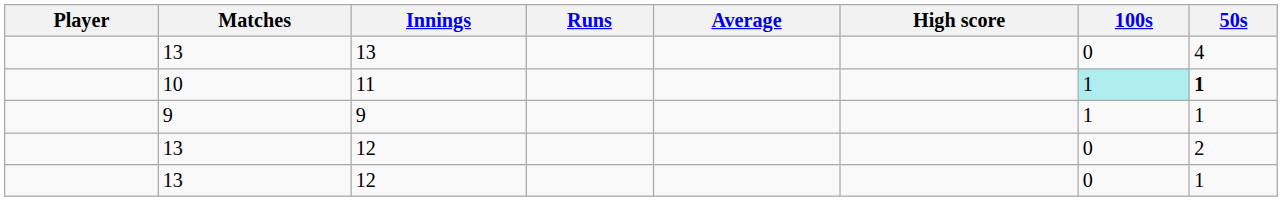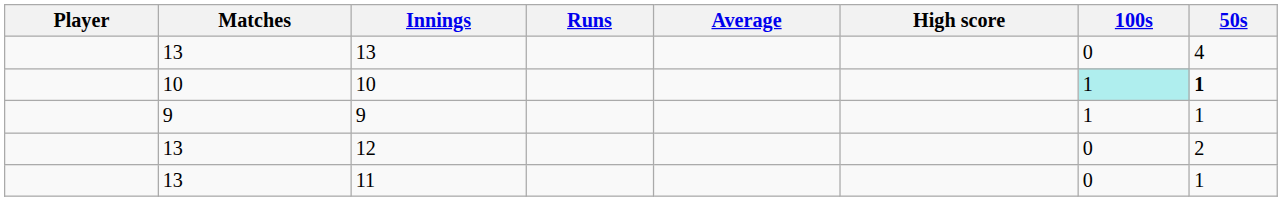 <table class="wikitable sortable" style="width:80%;">
 <tr>
 <th>Player</th>
 <th>Matches</th>
 <th><a href='#'>Innings</a></th>
 <th><a href='#'>Runs</a></th>
 <th><a href='#'>Average</a></th>
 <th>High score</th>
 <th><a href='#'>100s</a></th>
 <th><a href='#'>50s</a></th>
 </tr>
 <tr>
 <td></td>
 <td>13</td>
 <td>13</td>
 <td></td>
 <td></td>
 <td></td>
 <td>0</td>
 <td>4</td>
 </tr>
 <tr>
 <td></td>
 <td>10</td>
-<td>11</td>
+<td>10</td>
 <td></td>
 <td></td>
 <td></td>
 <td style="background: paleturquoise;">1</td>
 <td><strong>1</strong></td>
 </tr>
 <tr>
 <td></td>
 <td>9</td>
 <td>9</td>
 <td></td>
 <td></td>
 <td></td>
 <td>1</td>
 <td>1</td>
 </tr>
 <tr>
 <td></td>
 <td>13</td>
 <td>12</td>
 <td></td>
 <td></td>
 <td></td>
 <td>0</td>
 <td>2</td>
 </tr>
 <tr>
 <td></td>
 <td>13</td>
-<td>12</td>
+<td>11</td>
 <td></td>
 <td></td>
 <td></td>
 <td>0</td>
 <td>1</td>
 </tr>
 </table>
